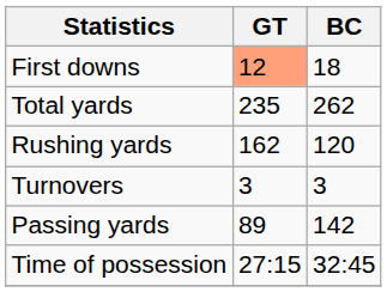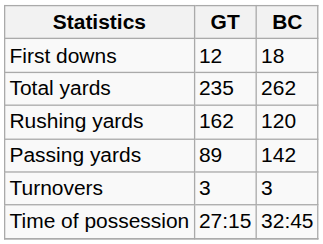 <table class="wikitable" style="float: left;">
 <tr>
 <th>Statistics</th>
 <th>GT</th>
 <th>BC</th>
 </tr>
 <tr>
 <td>First downs</td>
-<td style="background: lightsalmon;">12</td>
+<td>12</td>
 <td>18</td>
 </tr>
 <tr>
 <td>Total yards</td>
 <td>235</td>
 <td>262</td>
 </tr>
 <tr>
 <td>Rushing yards</td>
 <td>162</td>
 <td>120</td>
 </tr>
 <tr>
+<td>Passing yards</td>
+<td>89</td>
+<td>142</td>
+</tr>
+<tr>
 <td>Turnovers</td>
 <td>3</td>
 <td>3</td>
-</tr>
-<tr>
-<td>Passing yards</td>
-<td>89</td>
-<td>142</td>
 </tr>
 <tr>
 <td>Time of possession</td>
 <td>27:15</td>
 <td>32:45</td>
 </tr>
 <tr>
 </tr>
 </table>
